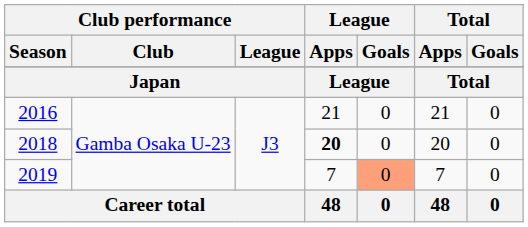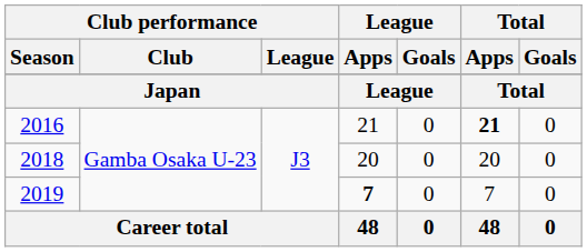 <table class="wikitable" style="text-align:center">
 <tr>
 <th colspan=3>Club performance</th>
 <th colspan=2>League</th>
 <th colspan=2>Total</th>
 </tr>
 <tr>
 <th>Season</th>
 <th>Club</th>
 <th>League</th>
 <th>Apps</th>
 <th>Goals</th>
 <th>Apps</th>
 <th>Goals</th>
 </tr>
 <tr>
 </tr>
 <tr>
 <th colspan=3>Japan</th>
 <th colspan=2>League</th>
 <th colspan=2>Total</th>
 </tr>
 <tr>
 <td><a href='#'>2016</a></td>
 <td rowspan="3"><a href='#'>Gamba Osaka U-23</a></td>
 <td rowspan="3"><a href='#'>J3</a></td>
 <td>21</td>
 <td>0</td>
-<td>21</td>
+<td><strong>21</strong></td>
 <td>0</td>
 </tr>
 <tr>
 <td><a href='#'>2018</a></td>
-<td><strong>20</strong></td>
+<td>20</td>
 <td>0</td>
 <td>20</td>
 <td>0</td>
 </tr>
 <tr>
 <td><a href='#'>2019</a></td>
-<td>7</td>
-<td style="background: lightsalmon;">0</td>
+<td><strong>7</strong></td>
+<td>0</td>
 <td>7</td>
 <td>0</td>
 </tr>
 <tr>
 <th colspan=3>Career total</th>
 <th>48</th>
 <th>0</th>
 <th>48</th>
 <th>0</th>
 </tr>
 </table>
